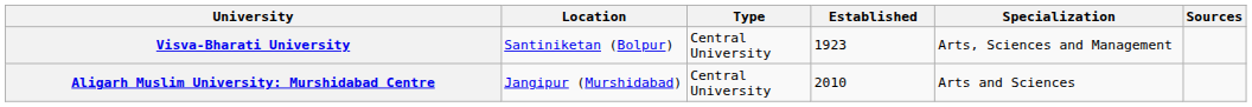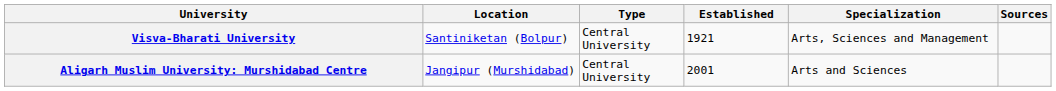 <table class="wikitable sortable collapsible plainrowheaders" style="-align:left; width:76%;">
 <tr>
 <th scope="col" style="width: 40%;">University</th>
 <th scope="col" style="width: 15%;">Location</th>
 <th scope="col" style="width: 10%;">Type</th>
 <th scope="col" style="width: 10%;">Established</th>
 <th scope="col" style="width: 20%;">Specialization</th>
 <th scope="col" style="width: 05%;">Sources</th>
 </tr>
 <tr>
 <th scope="row"><a href='#'>Visva-Bharati University</a></th>
 <td><a href='#'>Santiniketan</a> (<a href='#'>Bolpur</a>)</td>
 <td>Central University</td>
-<td>1923</td>
+<td>1921</td>
 <td>Arts, Sciences and Management</td>
 <td></td>
 </tr>
 <tr>
 <th scope="row"><a href='#'>Aligarh Muslim University: Murshidabad Centre</a></th>
 <td><a href='#'>Jangipur</a> (<a href='#'>Murshidabad</a>)</td>
 <td>Central University</td>
-<td>2010</td>
+<td>2001</td>
 <td>Arts and Sciences</td>
 <td></td>
 </tr>
 </table>
